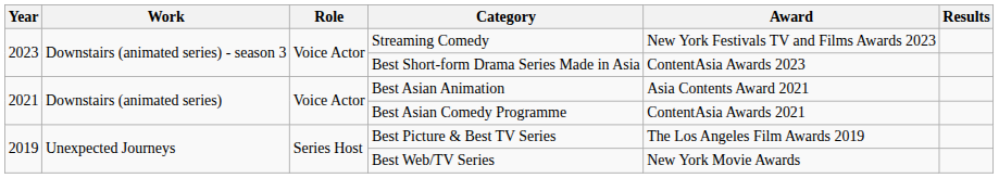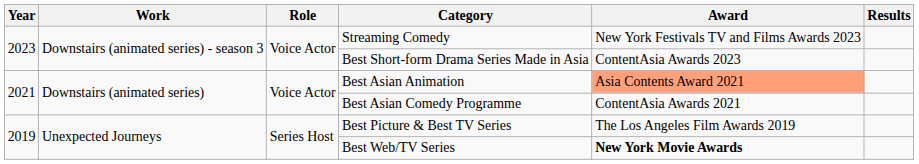 <table class="wikitable">
 <tr>
 <th><strong>Year</strong></th>
 <th><strong>Work</strong></th>
 <th><strong>Role</strong></th>
 <th><strong>Category</strong></th>
 <th><strong>Award</strong></th>
 <th><strong>Results</strong></th>
 </tr>
 <tr>
 <td rowspan="2">2023</td>
 <td rowspan="2">Downstairs (animated series) - season 3</td>
 <td rowspan="2">Voice Actor</td>
 <td>Streaming Comedy</td>
 <td>New York Festivals TV and Films Awards 2023</td>
 <td></td>
 </tr>
 <tr>
 <td>Best Short-form Drama Series Made in Asia</td>
 <td>ContentAsia Awards 2023</td>
 <td></td>
 </tr>
 <tr>
 <td rowspan="2">2021</td>
 <td rowspan="2">Downstairs (animated series)</td>
 <td rowspan="2">Voice Actor</td>
 <td>Best Asian Animation</td>
-<td>Asia Contents Award 2021</td>
+<td style="background: lightsalmon;">Asia Contents Award 2021</td>
 <td></td>
 </tr>
 <tr>
 <td>Best Asian Comedy Programme</td>
 <td>ContentAsia Awards 2021</td>
 <td></td>
 </tr>
 <tr>
 <td rowspan="2">2019</td>
 <td rowspan="2">Unexpected Journeys</td>
 <td rowspan="2">Series Host</td>
 <td>Best Picture & Best TV Series</td>
 <td>The Los Angeles Film Awards 2019</td>
 <td></td>
 </tr>
 <tr>
 <td>Best Web/TV Series</td>
-<td>New York Movie Awards</td>
+<td><strong>New York Movie Awards</strong></td>
 <td></td>
 </tr>
 </table>
